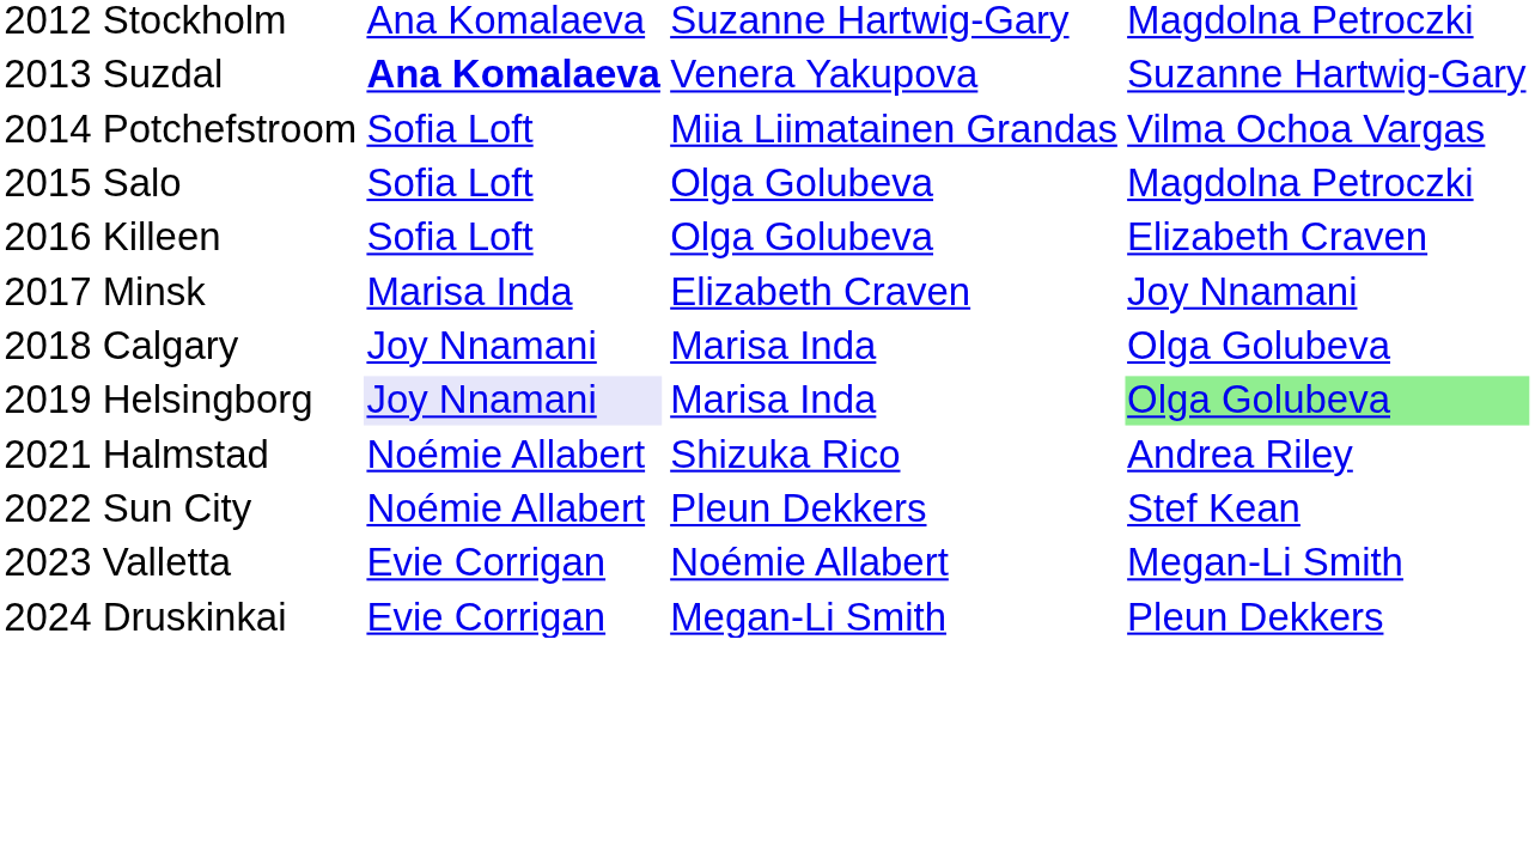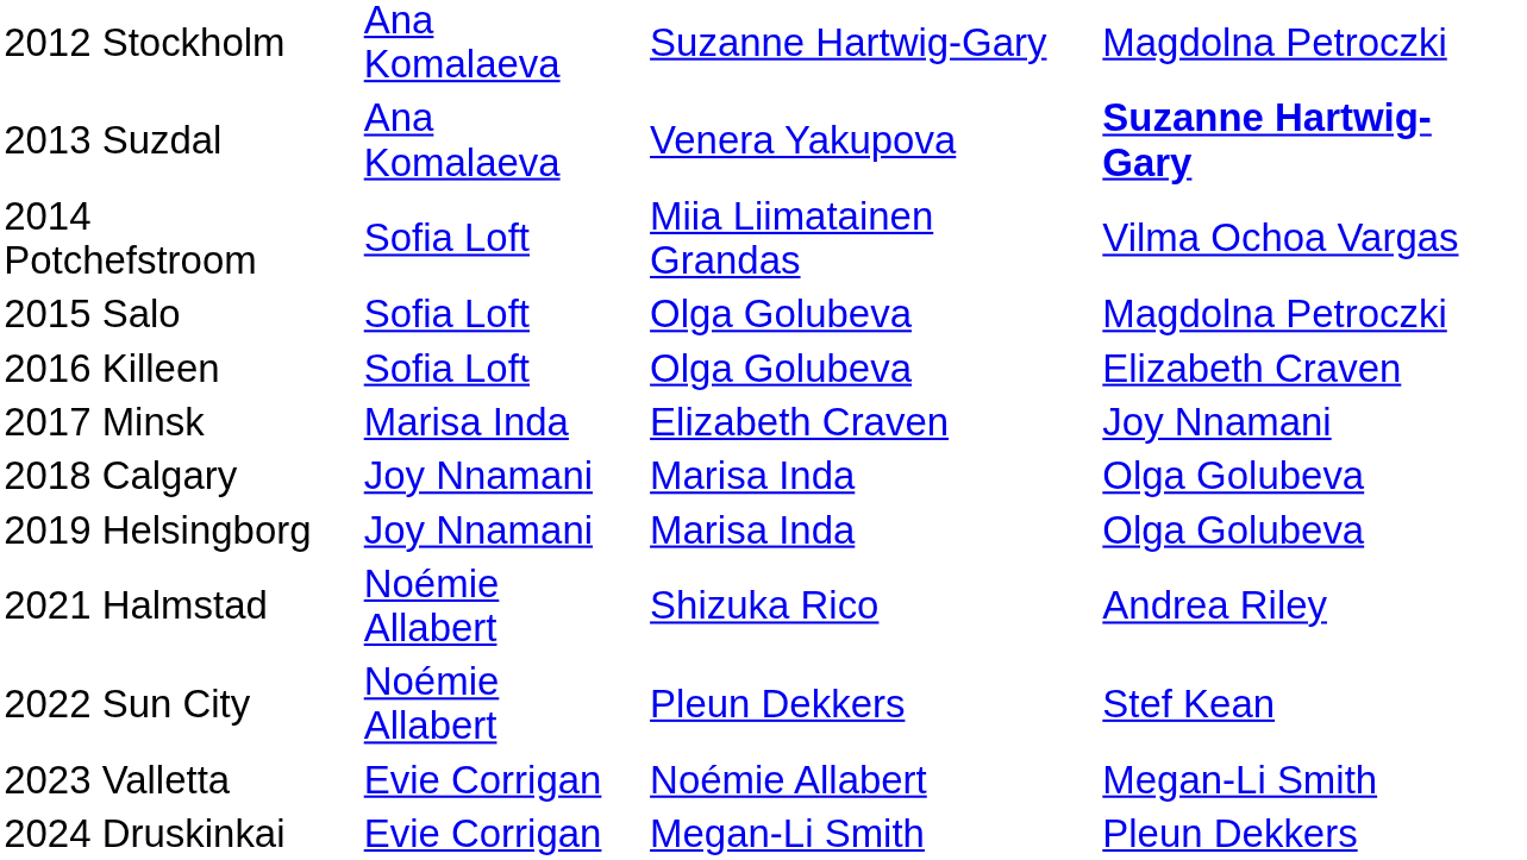 <table>
 <tr>
 <td>2012 Stockholm</td>
 <td> <a href='#'>Ana Komalaeva</a></td>
 <td> <a href='#'>Suzanne Hartwig-Gary</a></td>
 <td> <a href='#'>Magdolna Petroczki</a></td>
 </tr>
 <tr>
 <td>2013 Suzdal</td>
-<td><strong> <a href='#'>Ana Komalaeva</a></strong></td>
+<td> <a href='#'>Ana Komalaeva</a></td>
 <td> <a href='#'>Venera Yakupova</a></td>
-<td> <a href='#'>Suzanne Hartwig-Gary</a></td>
+<td><strong> <a href='#'>Suzanne Hartwig-Gary</a></strong></td>
 </tr>
 <tr>
 <td>2014 Potchefstroom</td>
 <td> <a href='#'>Sofia Loft</a></td>
 <td> <a href='#'>Miia Liimatainen Grandas</a></td>
 <td> <a href='#'>Vilma Ochoa Vargas</a></td>
 </tr>
 <tr>
 <td>2015 Salo</td>
 <td> <a href='#'>Sofia Loft</a></td>
 <td> <a href='#'>Olga Golubeva</a></td>
 <td> <a href='#'>Magdolna Petroczki</a></td>
 </tr>
 <tr>
 <td>2016 Killeen</td>
 <td> <a href='#'>Sofia Loft</a></td>
 <td> <a href='#'>Olga Golubeva</a></td>
 <td> <a href='#'>Elizabeth Craven</a></td>
 </tr>
 <tr>
 <td>2017 Minsk</td>
 <td> <a href='#'>Marisa Inda</a></td>
 <td> <a href='#'>Elizabeth Craven</a></td>
 <td> <a href='#'>Joy Nnamani</a></td>
 </tr>
 <tr>
 <td>2018 Calgary</td>
 <td> <a href='#'>Joy Nnamani</a></td>
 <td> <a href='#'>Marisa Inda</a></td>
 <td> <a href='#'>Olga Golubeva</a></td>
 </tr>
 <tr>
 <td>2019 Helsingborg</td>
-<td style="background: lavender;"> <a href='#'>Joy Nnamani</a></td>
+<td> <a href='#'>Joy Nnamani</a></td>
 <td> <a href='#'>Marisa Inda</a></td>
-<td style="background: lightgreen;"> <a href='#'>Olga Golubeva</a></td>
+<td> <a href='#'>Olga Golubeva</a></td>
 </tr>
 <tr>
 <td>2021 Halmstad</td>
 <td> <a href='#'>Noémie Allabert</a></td>
 <td> <a href='#'>Shizuka Rico</a></td>
 <td> <a href='#'>Andrea Riley</a></td>
 </tr>
 <tr>
 <td>2022 Sun City</td>
 <td> <a href='#'>Noémie Allabert</a></td>
 <td> <a href='#'>Pleun Dekkers</a></td>
 <td> <a href='#'>Stef Kean</a></td>
 </tr>
 <tr>
 <td>2023 Valletta</td>
 <td> <a href='#'>Evie Corrigan</a></td>
 <td> <a href='#'>Noémie Allabert</a></td>
 <td> <a href='#'>Megan-Li Smith</a></td>
 </tr>
 <tr>
 <td>2024 Druskinkai</td>
 <td> <a href='#'>Evie Corrigan</a></td>
 <td> <a href='#'>Megan-Li Smith</a></td>
 <td> <a href='#'>Pleun Dekkers</a></td>
 </tr>
 </table>
